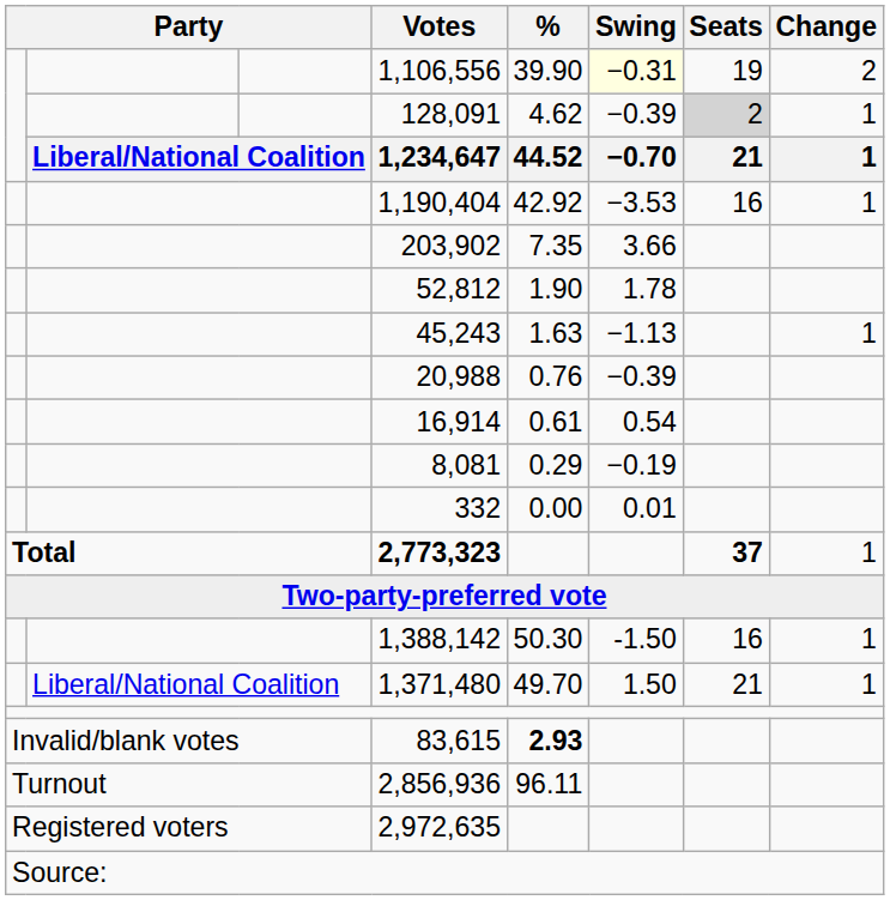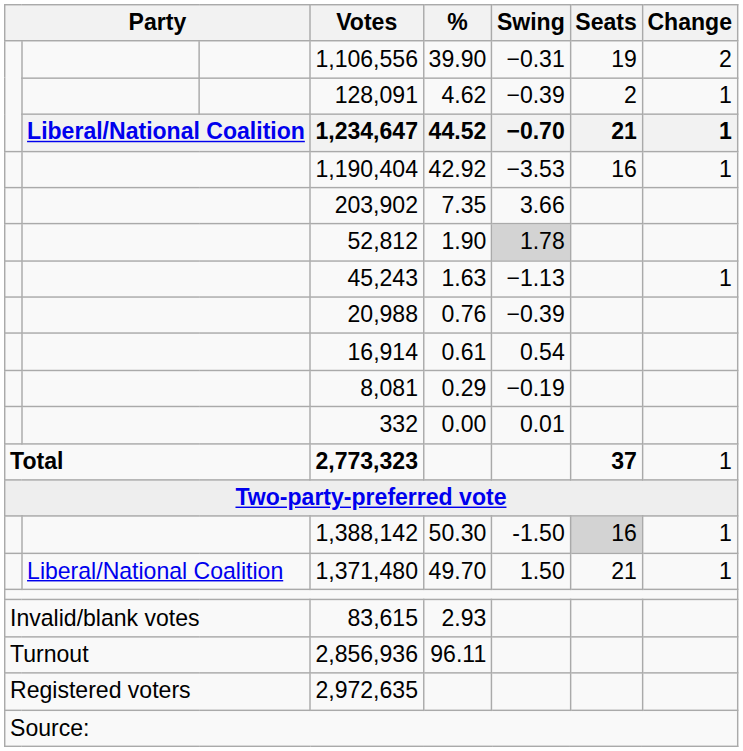 <table class="wikitable">
 <tr>
 <th colspan="3" style="width:200px"><strong>Party</strong></th>
 <th style="width:70px; text-align:center;"><strong>Votes</strong></th>
 <th style="width:40px; text-align:center;"><strong>%</strong></th>
 <th style="width:40px; text-align:center;"><strong>Swing</strong></th>
 <th style="width:40px; text-align:center;"><strong>Seats</strong></th>
 <th style="width:40px; text-align:center;"><strong>Change</strong></th>
 </tr>
 <tr>
 <td rowspan="3"> </td>
 <td> </td>
 <td></td>
 <td align=right>1,106,556</td>
 <td align=right>39.90</td>
-<td align=right style="background: lightyellow;">−0.31</td>
+<td align=right>−0.31</td>
 <td align=right>19</td>
 <td align=right> 2</td>
 </tr>
 <tr>
 <td> </td>
 <td></td>
 <td align=right>128,091</td>
 <td align=right>4.62</td>
 <td align=right>−0.39</td>
-<td align=right style="background: lightgrey;">2</td>
+<td align=right>2</td>
 <td align=right> 1</td>
 </tr>
 <tr>
 <th colspan="2" style="text-align:left;"><a href='#'>Liberal/National Coalition</a></th>
 <th style="text-align:right;">1,234,647</th>
 <th style="text-align:right;">44.52</th>
 <th style="text-align:right;">−0.70</th>
 <th style="text-align:right;">21</th>
 <th style="text-align:right;"> 1</th>
 </tr>
 <tr>
 <td> </td>
 <td colspan=2></td>
 <td align=right>1,190,404</td>
 <td align=right>42.92</td>
 <td align=right>−3.53</td>
 <td align=right>16</td>
 <td align=right> 1</td>
 </tr>
 <tr>
 <td> </td>
 <td colspan=2></td>
 <td align=right>203,902</td>
 <td align=right>7.35</td>
 <td align=right>3.66</td>
 <td align=right></td>
 <td align=right></td>
 </tr>
 <tr>
 <td> </td>
 <td colspan=2></td>
 <td align=right>52,812</td>
 <td align=right>1.90</td>
-<td align=right>1.78</td>
+<td align=right style="background: lightgrey;">1.78</td>
 <td align=right></td>
 <td align=right></td>
 </tr>
 <tr>
 <td> </td>
 <td colspan=2></td>
 <td align=right>45,243</td>
 <td align=right>1.63</td>
 <td align=right>−1.13</td>
 <td align=right></td>
 <td align=right> 1</td>
 </tr>
 <tr>
 <td> </td>
 <td colspan=2></td>
 <td align=right>20,988</td>
 <td align=right>0.76</td>
 <td align=right>−0.39</td>
 <td align=right></td>
 <td align=right></td>
 </tr>
 <tr>
 <td> </td>
 <td colspan=2></td>
 <td align=right>16,914</td>
 <td align=right>0.61</td>
 <td align=right>0.54</td>
 <td align=right></td>
 <td align=right></td>
 </tr>
 <tr>
 <td> </td>
 <td colspan=2></td>
 <td align=right>8,081</td>
 <td align=right>0.29</td>
 <td align=right>−0.19</td>
 <td align=right></td>
 <td align=right></td>
 </tr>
 <tr>
 <td> </td>
 <td colspan=2></td>
 <td align=right>332</td>
 <td align=right>0.00</td>
 <td align=right>0.01</td>
 <td align=right></td>
 <td align=right></td>
 </tr>
 <tr>
 <td colspan="3" align="left"><strong>Total</strong></td>
 <td align=right><strong>2,773,323</strong></td>
 <td align=right></td>
 <td align=right></td>
 <td align=right><strong>37</strong></td>
 <td align=right> 1</td>
 </tr>
 <tr>
 <td colspan="8" style="text-align:center; background:#eee;"><strong><a href='#'>Two-party-preferred vote</a></strong></td>
 </tr>
 <tr>
 <td> </td>
 <td colspan=2></td>
 <td align=right>1,388,142</td>
 <td align=right>50.30</td>
 <td align=right>-1.50</td>
-<td align=right>16</td>
+<td align=right style="background: lightgrey;">16</td>
 <td align=right> 1</td>
 </tr>
 <tr>
 <td> </td>
 <td colspan=2><a href='#'>Liberal/National Coalition</a></td>
 <td align=right>1,371,480</td>
 <td align=right>49.70</td>
 <td align=right>1.50</td>
 <td align=right>21</td>
 <td align=right> 1</td>
 </tr>
 <tr>
 <td colspan="8"></td>
 </tr>
 <tr>
 <td colspan="3" style="text-align:left;">Invalid/blank votes</td>
 <td align="right">83,615</td>
-<td align="right"><strong>2.93</strong></td>
+<td align="right">2.93</td>
 <td align="right"></td>
 <td></td>
 <td></td>
 </tr>
 <tr>
 <td colspan="3" style="text-align:left;">Turnout</td>
 <td align="right">2,856,936</td>
 <td align="right">96.11</td>
 <td align="right"></td>
 <td></td>
 <td></td>
 </tr>
 <tr>
 <td colspan="3" style="text-align:left;">Registered voters</td>
 <td align="right">2,972,635</td>
 <td></td>
 <td></td>
 <td></td>
 <td></td>
 </tr>
 <tr>
 <td colspan="8" align="left">Source: </td>
 </tr>
 </table>
